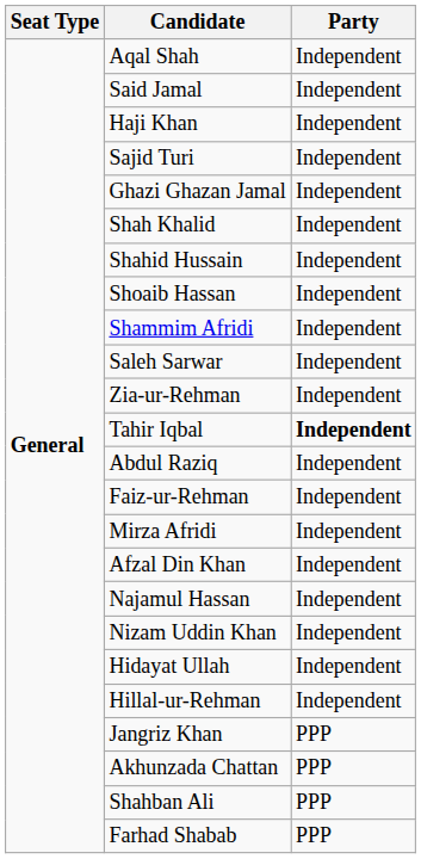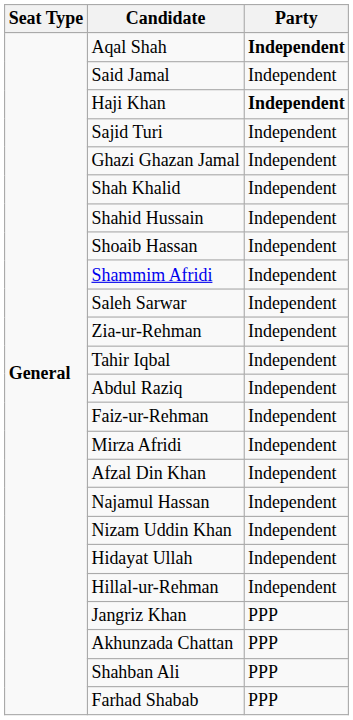 <table class="wikitable">
 <tr>
 <th>Seat Type</th>
 <th>Candidate</th>
 <th>Party</th>
 </tr>
 <tr>
 <td rowspan="24"><strong>General</strong></td>
 <td style="background:">Aqal Shah</td>
-<td style="background:">Independent</td>
+<td style="background:"><strong>Independent</strong></td>
 </tr>
 <tr>
 <td style="background:">Said Jamal</td>
 <td style="background:">Independent</td>
 </tr>
 <tr>
 <td style="background:">Haji Khan</td>
-<td style="background:">Independent</td>
+<td style="background:"><strong>Independent</strong></td>
 </tr>
 <tr>
 <td style="background:">Sajid Turi</td>
 <td style="background:">Independent</td>
 </tr>
 <tr>
 <td style="background:">Ghazi Ghazan Jamal</td>
 <td style="background:">Independent</td>
 </tr>
 <tr>
 <td style="background:">Shah Khalid</td>
 <td style="background:">Independent</td>
 </tr>
 <tr>
 <td style="background:">Shahid Hussain</td>
 <td style="background:">Independent</td>
 </tr>
 <tr>
 <td style="background:">Shoaib Hassan</td>
 <td style="background:">Independent</td>
 </tr>
 <tr>
 <td style="background:"><a href='#'>Shammim Afridi</a></td>
 <td style="background:">Independent</td>
 </tr>
 <tr>
 <td style="background:">Saleh Sarwar</td>
 <td style="background:">Independent</td>
 </tr>
 <tr>
 <td style="background:">Zia-ur-Rehman</td>
 <td style="background:">Independent</td>
 </tr>
 <tr>
 <td style="background:">Tahir Iqbal</td>
-<td style="background:"><strong>Independent</strong></td>
+<td style="background:">Independent</td>
 </tr>
 <tr>
 <td style="background:">Abdul Raziq</td>
 <td style="background:">Independent</td>
 </tr>
 <tr>
 <td style="background:">Faiz-ur-Rehman</td>
 <td style="background:">Independent</td>
 </tr>
 <tr>
 <td style="background:">Mirza Afridi</td>
 <td style="background:">Independent</td>
 </tr>
 <tr>
 <td style="background:">Afzal Din Khan</td>
 <td style="background:">Independent</td>
 </tr>
 <tr>
 <td style="background:">Najamul Hassan</td>
 <td style="background:">Independent</td>
 </tr>
 <tr>
 <td style="background:">Nizam Uddin Khan</td>
 <td style="background:">Independent</td>
 </tr>
 <tr>
 <td style="background:">Hidayat Ullah</td>
 <td style="background:">Independent</td>
 </tr>
 <tr>
 <td style="background:">Hillal-ur-Rehman</td>
 <td style="background:">Independent</td>
 </tr>
 <tr>
 <td style="background:">Jangriz Khan</td>
 <td style="background:">PPP</td>
 </tr>
 <tr>
 <td style="background:">Akhunzada Chattan</td>
 <td style="background:">PPP</td>
 </tr>
 <tr>
 <td style="background:">Shahban Ali</td>
 <td style="background:">PPP</td>
 </tr>
 <tr>
 <td style="background:">Farhad Shabab</td>
 <td style="background:">PPP</td>
 </tr>
 </table>
